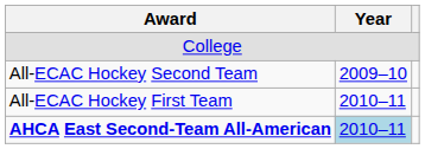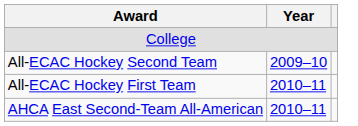 <table class="wikitable">
 <tr>
 <th>Award</th>
 <th>Year</th>
 <th></th>
 </tr>
 <tr ALIGN="center" bgcolor="#e0e0e0">
 <td colspan="3"><a href='#'>College</a></td>
 </tr>
 <tr>
 <td>All-<a href='#'>ECAC Hockey</a> <a href='#'>Second Team</a></td>
 <td><a href='#'>2009–10</a></td>
 <td></td>
 </tr>
 <tr>
 <td>All-<a href='#'>ECAC Hockey</a> <a href='#'>First Team</a></td>
 <td><a href='#'>2010–11</a></td>
 <td></td>
 </tr>
 <tr>
-<td><strong><a href='#'>AHCA</a> <a href='#'>East Second-Team All-American</a></strong></td>
-<td style="background: lightblue;"><a href='#'>2010–11</a></td>
+<td><a href='#'>AHCA</a> <a href='#'>East Second-Team All-American</a></td>
+<td><a href='#'>2010–11</a></td>
 <td></td>
 </tr>
 </table>
